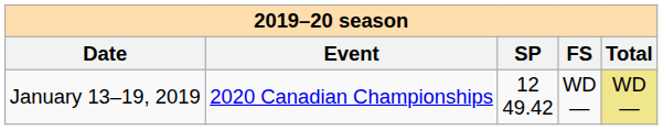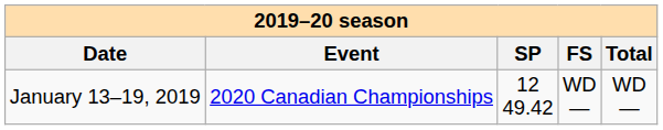 <table class="wikitable">
 <tr>
 <th style="background-color: #ffdead; " colspan=5 align=center>2019–20 season</th>
 </tr>
 <tr>
 <th>Date</th>
 <th>Event</th>
 <th>SP</th>
 <th>FS</th>
 <th>Total</th>
 </tr>
 <tr>
 <td>January 13–19, 2019</td>
 <td><a href='#'>2020 Canadian Championships</a></td>
 <td align=center>12 <br> 49.42</td>
 <td align=center>WD <br> —</td>
-<td align=center style="background: khaki;">WD <br> —</td>
+<td align=center>WD <br> —</td>
 </tr>
 </table>
